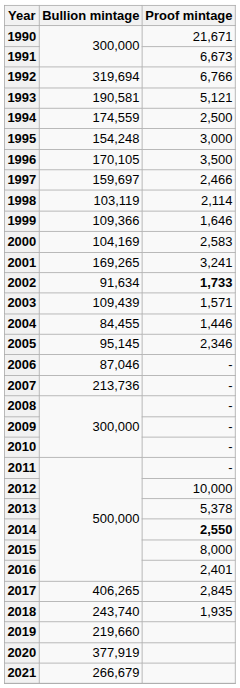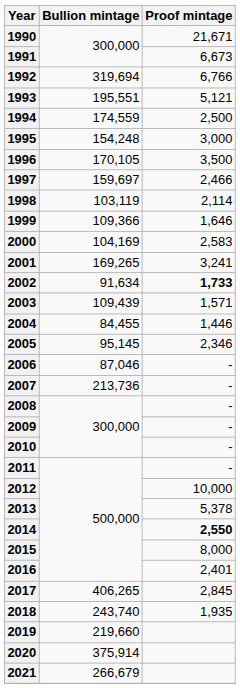 <table class="wikitable" style="text-align:right; display:inline-table">
 <tr>
 <th>Year</th>
 <th>Bullion mintage</th>
 <th>Proof mintage</th>
 </tr>
 <tr>
 <th>1990</th>
 <td rowspan="2">300,000</td>
 <td>21,671</td>
 </tr>
 <tr>
 <th>1991</th>
 <td>6,673</td>
 </tr>
 <tr>
 <th>1992</th>
 <td>319,694</td>
 <td>6,766</td>
 </tr>
 <tr>
 <th>1993</th>
-<td>190,581</td>
+<td>195,551</td>
 <td>5,121</td>
 </tr>
 <tr>
 <th>1994</th>
 <td>174,559</td>
 <td>2,500</td>
 </tr>
 <tr>
 <th>1995</th>
 <td>154,248</td>
 <td>3,000</td>
 </tr>
 <tr>
 <th>1996</th>
 <td>170,105</td>
 <td>3,500</td>
 </tr>
 <tr>
 <th>1997</th>
 <td>159,697</td>
 <td>2,466</td>
 </tr>
 <tr>
 <th>1998</th>
 <td>103,119</td>
 <td>2,114</td>
 </tr>
 <tr>
 <th>1999</th>
 <td>109,366</td>
 <td>1,646</td>
 </tr>
 <tr>
 <th>2000</th>
 <td>104,169</td>
 <td>2,583</td>
 </tr>
 <tr>
 <th>2001</th>
 <td>169,265</td>
 <td>3,241</td>
 </tr>
 <tr>
 <th>2002</th>
 <td>91,634</td>
 <td><strong>1,733</strong></td>
 </tr>
 <tr>
 <th>2003</th>
 <td>109,439</td>
 <td>1,571</td>
 </tr>
 <tr>
 <th>2004</th>
 <td>84,455</td>
 <td>1,446</td>
 </tr>
 <tr>
 <th>2005</th>
 <td>95,145</td>
 <td>2,346</td>
 </tr>
 <tr>
 <th>2006</th>
 <td>87,046</td>
 <td>-</td>
 </tr>
 <tr>
 <th>2007</th>
 <td>213,736</td>
 <td>-</td>
 </tr>
 <tr>
 <th>2008</th>
 <td rowspan="3">300,000</td>
 <td>-</td>
 </tr>
 <tr>
 <th>2009</th>
 <td>-</td>
 </tr>
 <tr>
 <th>2010</th>
 <td>-</td>
 </tr>
 <tr>
 <th>2011</th>
 <td rowspan="6">500,000</td>
 <td>-</td>
 </tr>
 <tr>
 <th>2012</th>
 <td>10,000</td>
 </tr>
 <tr>
 <th>2013</th>
 <td>5,378</td>
 </tr>
 <tr>
 <th>2014</th>
 <td><strong>2,550</strong></td>
 </tr>
 <tr>
 <th>2015</th>
 <td>8,000</td>
 </tr>
 <tr>
 <th>2016</th>
 <td>2,401</td>
 </tr>
 <tr>
 <th>2017</th>
 <td>406,265</td>
 <td>2,845</td>
 </tr>
 <tr>
 <th>2018</th>
 <td>243,740</td>
 <td>1,935</td>
 </tr>
 <tr>
 <th>2019</th>
 <td>219,660</td>
 <td></td>
 </tr>
 <tr>
 <th>2020</th>
-<td>377,919</td>
+<td>375,914</td>
 <td></td>
 </tr>
 <tr>
 <th>2021</th>
 <td>266,679</td>
 <td></td>
 </tr>
 <tr>
 </tr>
 </table>
